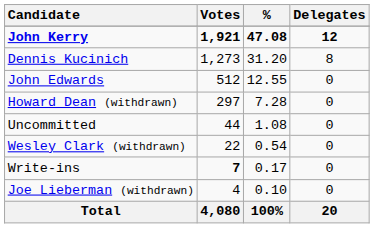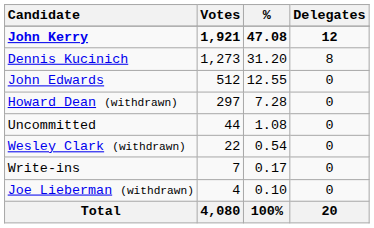 <table class="wikitable sortable plainrowheaders" style="text-align:right;">
 <tr>
 <th style="text-align:left;">Candidate</th>
 <th>Votes</th>
 <th>%</th>
 <th>Delegates</th>
 </tr>
 <tr>
 </tr>
 <tr>
 <td style="text-align:left;"><strong><a href='#'>John Kerry</a></strong></td>
 <td><strong>1,921</strong></td>
 <td><strong>47.08</strong></td>
 <td style="text-align:center;"><strong>12</strong></td>
 </tr>
 <tr>
 <td style="text-align:left;"><a href='#'>Dennis Kucinich</a></td>
 <td>1,273</td>
 <td>31.20</td>
 <td style="text-align:center;">8</td>
 </tr>
 <tr>
 <td style="text-align:left;"><a href='#'>John Edwards</a></td>
 <td>512</td>
 <td>12.55</td>
 <td style="text-align:center;">0</td>
 </tr>
 <tr>
 <td style="text-align:left;"><a href='#'>Howard Dean</a> <small>(withdrawn)</small></td>
 <td>297</td>
 <td>7.28</td>
 <td style="text-align:center;">0</td>
 </tr>
 <tr>
 <td style="text-align:left;">Uncommitted</td>
 <td>44</td>
 <td>1.08</td>
 <td style="text-align:center;">0</td>
 </tr>
 <tr>
 <td style="text-align:left;"><a href='#'>Wesley Clark</a> <small>(withdrawn)</small></td>
 <td>22</td>
 <td>0.54</td>
 <td style="text-align:center;">0</td>
 </tr>
 <tr>
 <td style="text-align:left;">Write-ins</td>
-<td><strong>7</strong></td>
+<td>7</td>
 <td>0.17</td>
 <td style="text-align:center;">0</td>
 </tr>
 <tr>
 <td style="text-align:left;"><a href='#'>Joe Lieberman</a> <small>(withdrawn)</small></td>
 <td>4</td>
 <td>0.10</td>
 <td style="text-align:center;">0</td>
 </tr>
 <tr class="sortbottom">
 <th>Total</th>
 <th>4,080</th>
 <th>100%</th>
 <th>20</th>
 </tr>
 </table>
